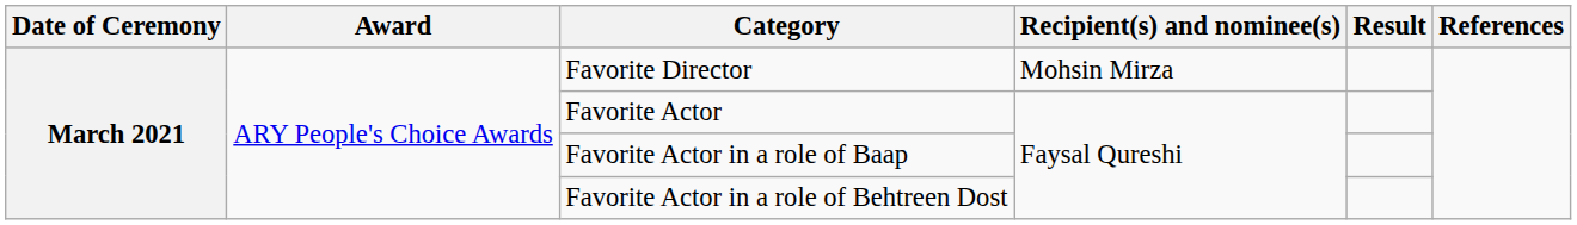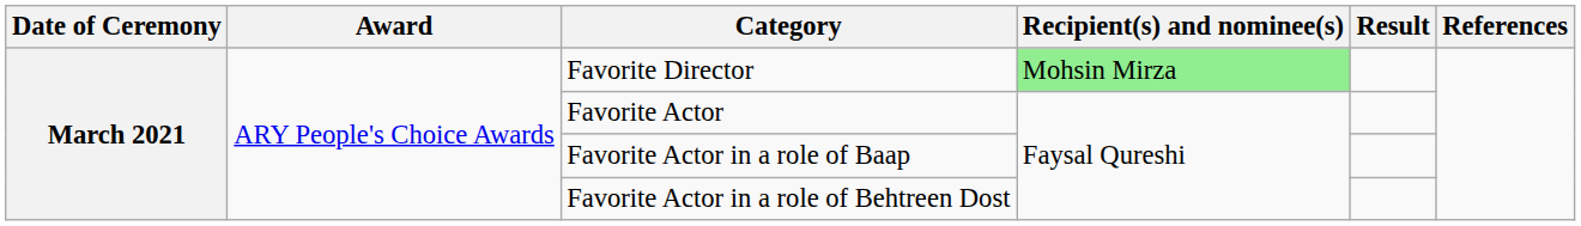 <table class="wikitable sortable">
 <tr>
 <th>Date of Ceremony</th>
 <th>Award</th>
 <th>Category</th>
 <th>Recipient(s) and nominee(s)</th>
 <th>Result</th>
 <th>References</th>
 </tr>
 <tr>
 <th rowspan="4">March 2021</th>
 <td rowspan="4"><a href='#'>ARY People's Choice Awards</a></td>
 <td>Favorite Director</td>
-<td>Mohsin Mirza</td>
+<td style="background: lightgreen;">Mohsin Mirza</td>
 <td></td>
 <td rowspan="4"></td>
 </tr>
 <tr>
 <td>Favorite Actor</td>
 <td rowspan=3>Faysal Qureshi</td>
 <td></td>
 </tr>
 <tr>
 <td>Favorite Actor in a role of Baap</td>
 <td></td>
 </tr>
 <tr>
 <td>Favorite Actor in a role of Behtreen Dost</td>
 <td></td>
 </tr>
 </table>
